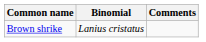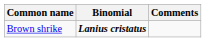 <table class="wikitable">
 <tr>
 <th>Common name</th>
 <th>Binomial</th>
 <th>Comments</th>
 </tr>
 <tr>
 <td><a href='#'>Brown shrike</a></td>
-<td><em>Lanius cristatus</em></td>
+<td><strong><em>Lanius cristatus</em></strong></td>
 </tr>
 </table>
